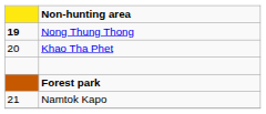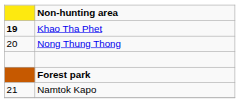 <table class= "wikitable" style= "width:30%; display:inline-table;">
 <tr>
 <td style="width:3%; background:#FDE910;"> </td>
 <td style="width:27%;"><strong>Non-hunting area</strong></td>
 </tr>
 <tr>
 <td><strong>19</strong></td>
-<td><a href='#'>Nong Thung Thong</a></td>
+<td><a href='#'>Khao Tha Phet</a></td>
 </tr>
 <tr>
 <td>20</td>
-<td><a href='#'>Khao Tha Phet</a></td>
+<td><a href='#'>Nong Thung Thong</a></td>
 </tr>
 <tr>
 <td> </td>
 <td> </td>
 </tr>
 <tr>
 <td style="width:3%; background:#C65900;"> </td>
 <td style="width:27%;"><strong>Forest park</strong></td>
 </tr>
 <tr>
 <td>21</td>
 <td>Namtok Kapo</td>
 </tr>
 <tr>
 </tr>
 </table>
